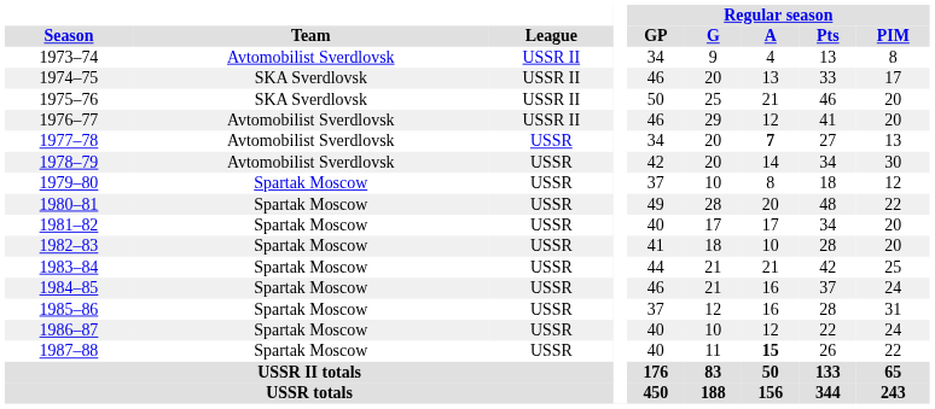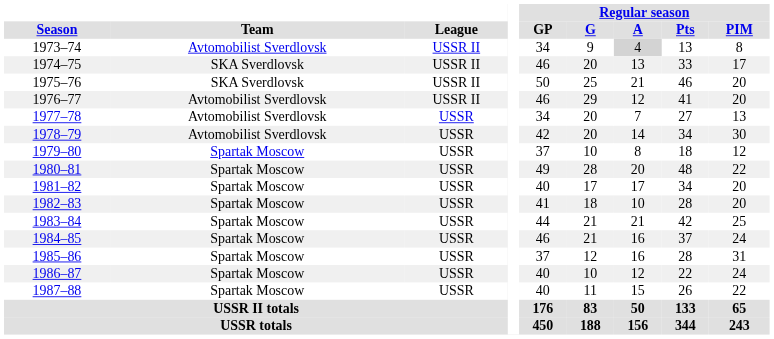 <table border="0" cellpadding="1" cellspacing="0" style="text-align:center; width:55em">
 <tr bgcolor="#e0e0e0">
 <th colspan="3" bgcolor="#ffffff"> </th>
 <th rowspan="99" bgcolor="#ffffff"> </th>
 <th colspan="5"><a href='#'>Regular season</a></th>
 </tr>
 <tr bgcolor="#e0e0e0">
 <th><a href='#'>Season</a></th>
 <th>Team</th>
 <th>League</th>
 <th>GP</th>
 <th><a href='#'>G</a></th>
 <th><a href='#'>A</a></th>
 <th><a href='#'>Pts</a></th>
 <th><a href='#'>PIM</a></th>
 </tr>
 <tr>
 <td>1973–74</td>
 <td><a href='#'>Avtomobilist Sverdlovsk</a></td>
 <td><a href='#'>USSR II</a></td>
 <td>34</td>
 <td>9</td>
-<td>4</td>
+<td style="background: lightgrey;">4</td>
 <td>13</td>
 <td>8</td>
 </tr>
 <tr bgcolor="#f0f0f0">
 <td>1974–75</td>
 <td>SKA Sverdlovsk</td>
 <td>USSR II</td>
 <td>46</td>
 <td>20</td>
 <td>13</td>
 <td>33</td>
 <td>17</td>
 </tr>
 <tr>
 <td>1975–76</td>
 <td>SKA Sverdlovsk</td>
 <td>USSR II</td>
 <td>50</td>
 <td>25</td>
 <td>21</td>
 <td>46</td>
 <td>20</td>
 </tr>
 <tr bgcolor="#f0f0f0">
 <td>1976–77</td>
 <td>Avtomobilist Sverdlovsk</td>
 <td>USSR II</td>
 <td>46</td>
 <td>29</td>
 <td>12</td>
 <td>41</td>
 <td>20</td>
 </tr>
 <tr>
 <td><a href='#'>1977–78</a></td>
 <td>Avtomobilist Sverdlovsk</td>
 <td><a href='#'>USSR</a></td>
 <td>34</td>
 <td>20</td>
-<td><strong>7</strong></td>
+<td>7</td>
 <td>27</td>
 <td>13</td>
 </tr>
 <tr bgcolor="#f0f0f0">
 <td><a href='#'>1978–79</a></td>
 <td>Avtomobilist Sverdlovsk</td>
 <td>USSR</td>
 <td>42</td>
 <td>20</td>
 <td>14</td>
 <td>34</td>
 <td>30</td>
 </tr>
 <tr>
 <td><a href='#'>1979–80</a></td>
 <td><a href='#'>Spartak Moscow</a></td>
 <td>USSR</td>
 <td>37</td>
 <td>10</td>
 <td>8</td>
 <td>18</td>
 <td>12</td>
 </tr>
 <tr bgcolor="#f0f0f0">
 <td><a href='#'>1980–81</a></td>
 <td>Spartak Moscow</td>
 <td>USSR</td>
 <td>49</td>
 <td>28</td>
 <td>20</td>
 <td>48</td>
 <td>22</td>
 </tr>
 <tr>
 <td><a href='#'>1981–82</a></td>
 <td>Spartak Moscow</td>
 <td>USSR</td>
 <td>40</td>
 <td>17</td>
 <td>17</td>
 <td>34</td>
 <td>20</td>
 </tr>
 <tr bgcolor="#f0f0f0">
 <td><a href='#'>1982–83</a></td>
 <td>Spartak Moscow</td>
 <td>USSR</td>
 <td>41</td>
 <td>18</td>
 <td>10</td>
 <td>28</td>
 <td>20</td>
 </tr>
 <tr>
 <td><a href='#'>1983–84</a></td>
 <td>Spartak Moscow</td>
 <td>USSR</td>
 <td>44</td>
 <td>21</td>
 <td>21</td>
 <td>42</td>
 <td>25</td>
 </tr>
 <tr bgcolor="#f0f0f0">
 <td><a href='#'>1984–85</a></td>
 <td>Spartak Moscow</td>
 <td>USSR</td>
 <td>46</td>
 <td>21</td>
 <td>16</td>
 <td>37</td>
 <td>24</td>
 </tr>
 <tr>
 <td><a href='#'>1985–86</a></td>
 <td>Spartak Moscow</td>
 <td>USSR</td>
 <td>37</td>
 <td>12</td>
 <td>16</td>
 <td>28</td>
 <td>31</td>
 </tr>
 <tr bgcolor="#f0f0f0">
 <td><a href='#'>1986–87</a></td>
 <td>Spartak Moscow</td>
 <td>USSR</td>
 <td>40</td>
 <td>10</td>
 <td>12</td>
 <td>22</td>
 <td>24</td>
 </tr>
 <tr>
 <td><a href='#'>1987–88</a></td>
 <td>Spartak Moscow</td>
 <td>USSR</td>
 <td>40</td>
 <td>11</td>
-<td><strong>15</strong></td>
+<td>15</td>
 <td>26</td>
 <td>22</td>
 </tr>
 <tr bgcolor="#e0e0e0">
 <th colspan="3">USSR II totals</th>
 <th>176</th>
 <th>83</th>
 <th>50</th>
 <th>133</th>
 <th>65</th>
 </tr>
 <tr bgcolor="#e0e0e0">
 <th colspan="3">USSR totals</th>
 <th>450</th>
 <th>188</th>
 <th>156</th>
 <th>344</th>
 <th>243</th>
 </tr>
 </table>
